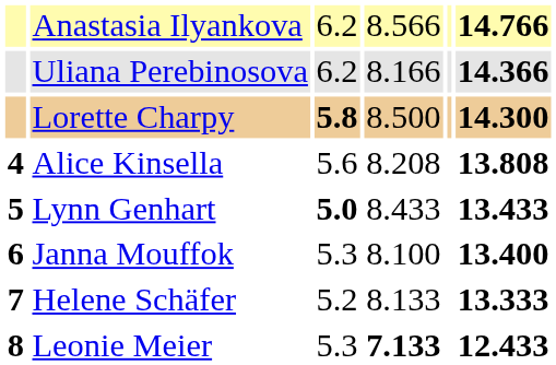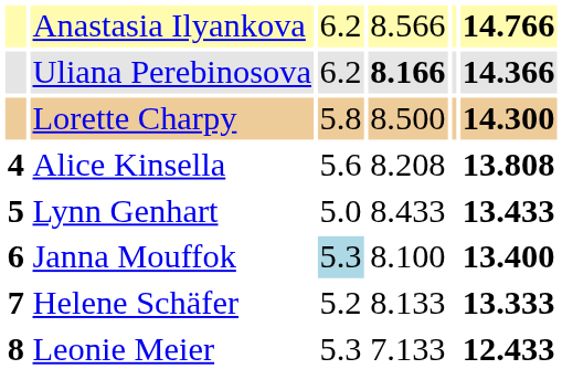 <table>
 <tr style="background:#fffcaf;">
 <th scope=row style="text-align:center"></th>
 <td style="text-align:left;"> <a href='#'>Anastasia Ilyankova</a></td>
 <td>6.2</td>
 <td>8.566</td>
 <td></td>
 <td><strong>14.766</strong></td>
 </tr>
 <tr style="background:#e5e5e5;">
 <th scope=row style="text-align:center"></th>
 <td style="text-align:left;"> <a href='#'>Uliana Perebinosova</a></td>
 <td>6.2</td>
-<td>8.166</td>
+<td><strong>8.166</strong></td>
 <td></td>
 <td><strong>14.366</strong></td>
 </tr>
 <tr style="background:#ec9;">
 <th scope=row style="text-align:center"></th>
 <td style="text-align:left;"> <a href='#'>Lorette Charpy</a></td>
-<td><strong>5.8</strong></td>
+<td>5.8</td>
 <td>8.500</td>
 <td></td>
 <td><strong>14.300</strong></td>
 </tr>
 <tr>
 <th scope=row style="text-align:center">4</th>
 <td style="text-align:left;"> <a href='#'>Alice Kinsella</a></td>
 <td>5.6</td>
 <td>8.208</td>
 <td></td>
 <td><strong>13.808</strong></td>
 </tr>
 <tr>
 <th scope=row style="text-align:center">5</th>
 <td style="text-align:left;"> <a href='#'>Lynn Genhart</a></td>
-<td><strong>5.0</strong></td>
+<td>5.0</td>
 <td>8.433</td>
 <td></td>
 <td><strong>13.433</strong></td>
 </tr>
 <tr>
 <th scope=row style="text-align:center">6</th>
 <td style="text-align:left;"> <a href='#'>Janna Mouffok</a></td>
-<td>5.3</td>
+<td style="background: lightblue;">5.3</td>
 <td>8.100</td>
 <td></td>
 <td><strong>13.400</strong></td>
 </tr>
 <tr>
 <th scope=row style="text-align:center">7</th>
 <td style="text-align:left;"> <a href='#'>Helene Schäfer</a></td>
 <td>5.2</td>
 <td>8.133</td>
 <td></td>
 <td><strong>13.333</strong></td>
 </tr>
 <tr>
 <th scope=row style="text-align:center">8</th>
 <td style="text-align:left;"> <a href='#'>Leonie Meier</a></td>
 <td>5.3</td>
-<td><strong>7.133</strong></td>
+<td>7.133</td>
 <td></td>
 <td><strong>12.433</strong></td>
 </tr>
 </table>
